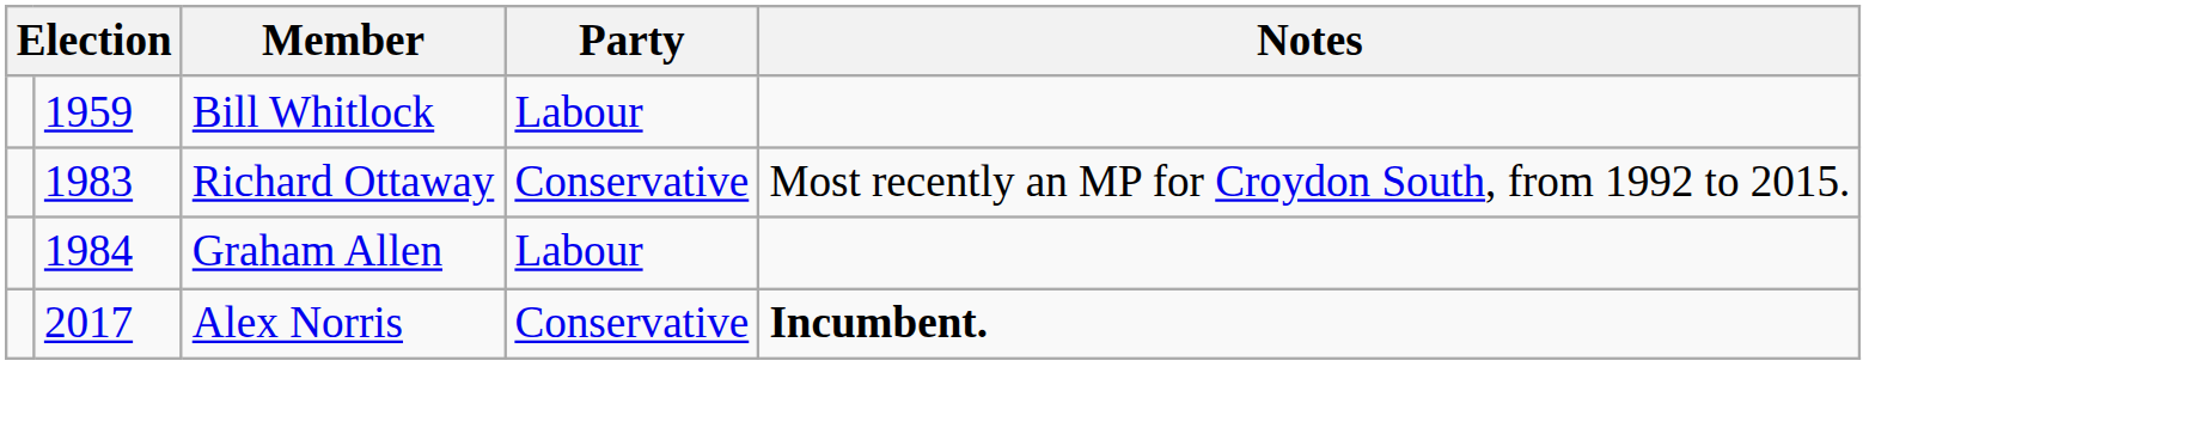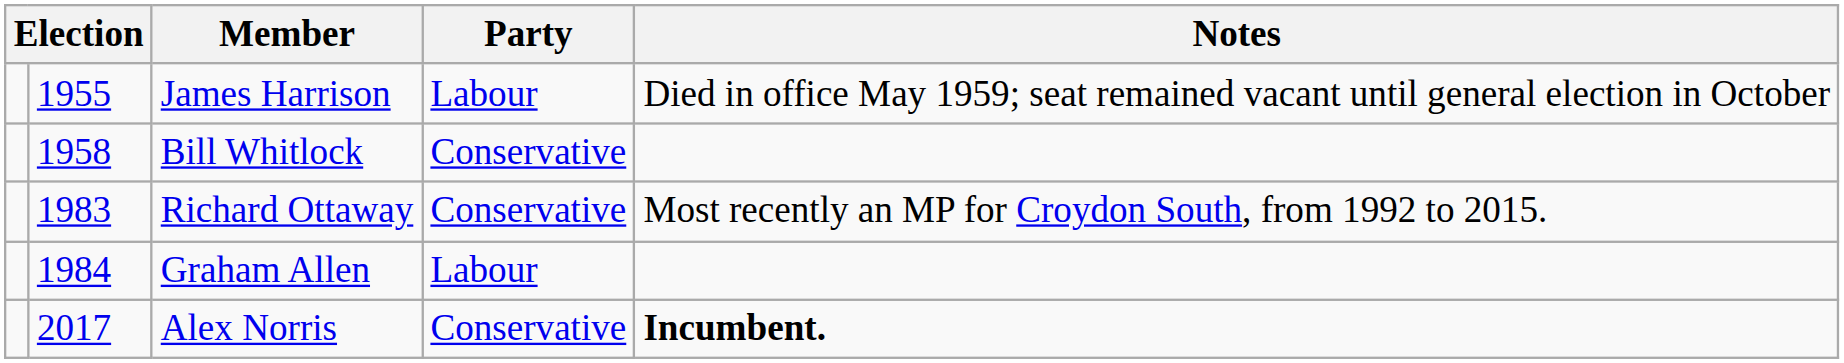 <table class="wikitable">
 <tr>
 <th colspan="2">Election</th>
 <th>Member</th>
 <th>Party</th>
 <th>Notes</th>
 </tr>
 <tr>
 <td style="background-color: "></td>
-<td><a href='#'>1959</a></td>
+<td><a href='#'>1955</a></td>
+<td><a href='#'>James Harrison</a></td>
+<td><a href='#'>Labour</a></td>
+<td>Died in office May 1959; seat remained vacant until general election in October</td>
+</tr>
+<tr>
+<td style="background-color: "></td>
+<td><a href='#'>1958</a></td>
 <td><a href='#'>Bill Whitlock</a></td>
-<td><a href='#'>Labour</a></td>
+<td><a href='#'>Conservative</a></td>
 <td></td>
 </tr>
 <tr>
 <td style="background-color: "></td>
 <td><a href='#'>1983</a></td>
 <td><a href='#'>Richard Ottaway</a></td>
 <td><a href='#'>Conservative</a></td>
 <td>Most recently an MP for <a href='#'>Croydon South</a>, from 1992 to 2015.</td>
 </tr>
 <tr>
 <td style="background-color: "></td>
 <td><a href='#'>1984</a></td>
 <td><a href='#'>Graham Allen</a></td>
 <td><a href='#'>Labour</a></td>
 <td></td>
 </tr>
 <tr>
 <td></td>
 <td><a href='#'>2017</a></td>
 <td><a href='#'>Alex Norris</a></td>
 <td><a href='#'>Conservative</a></td>
 <td><strong>Incumbent.</strong></td>
 </tr>
 </table>
